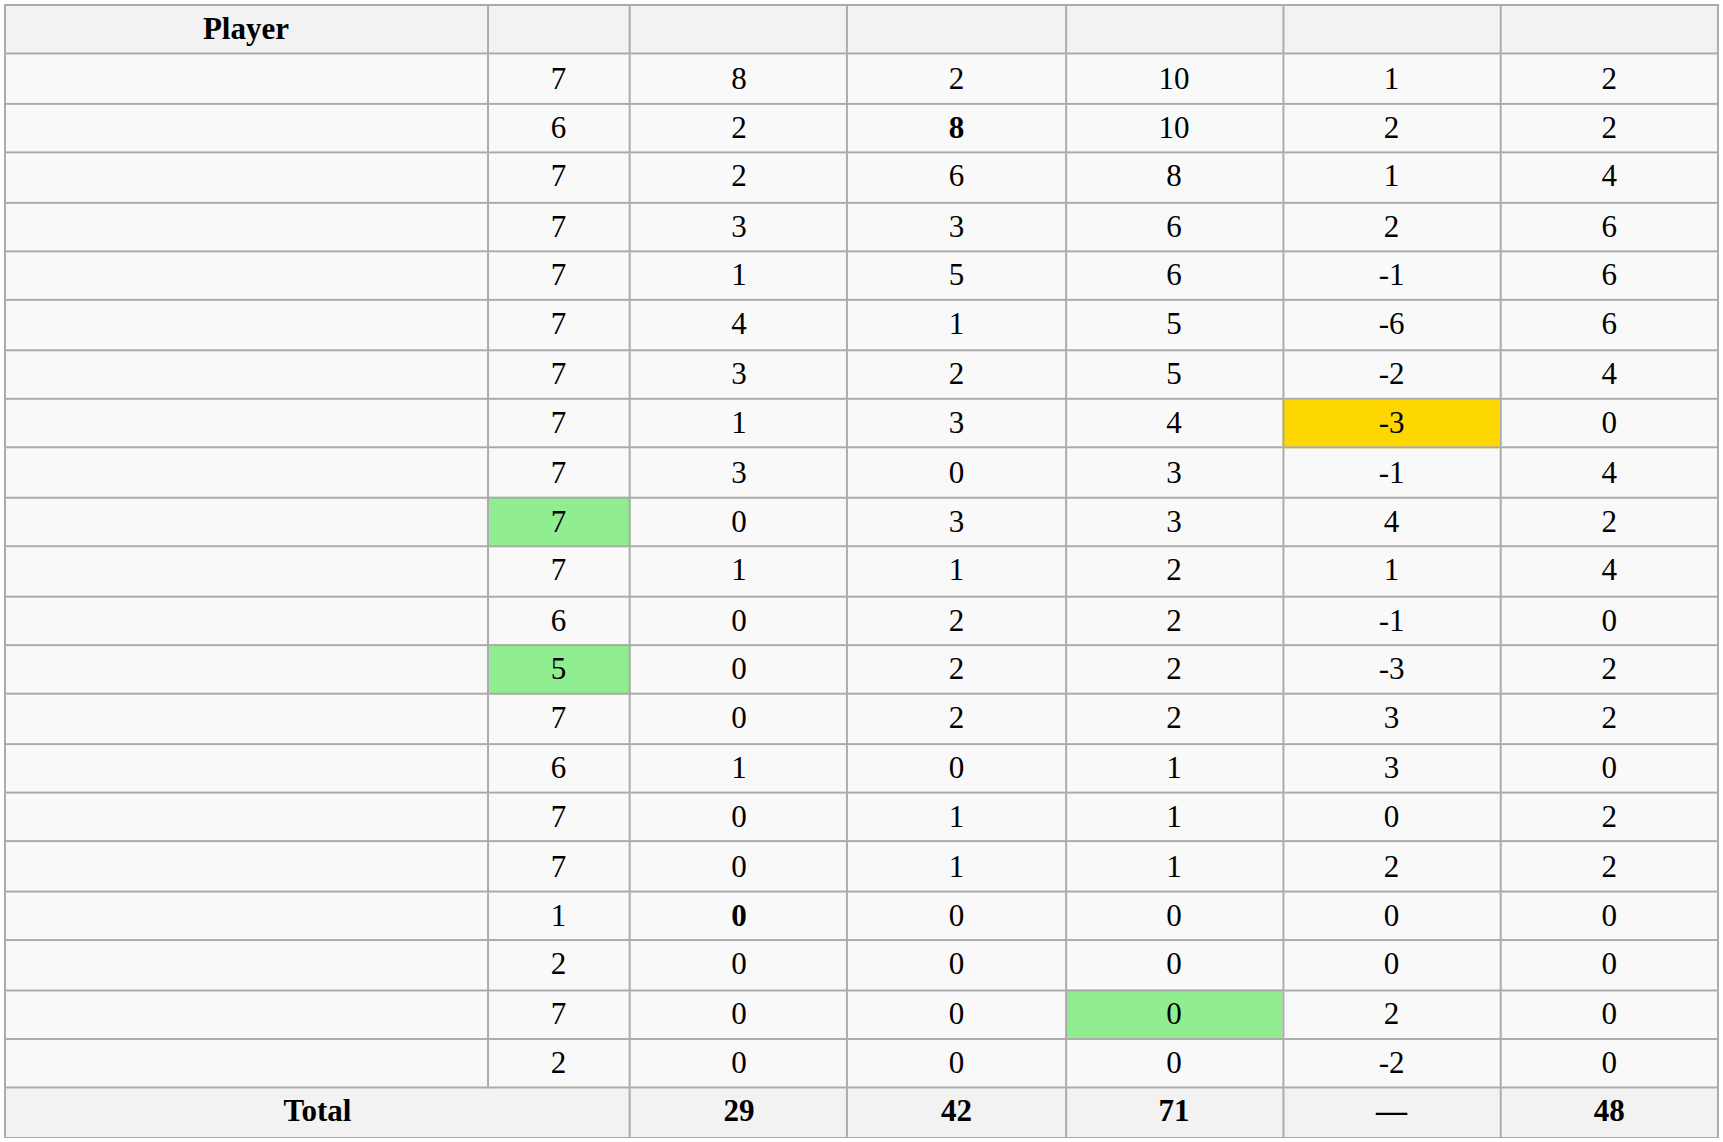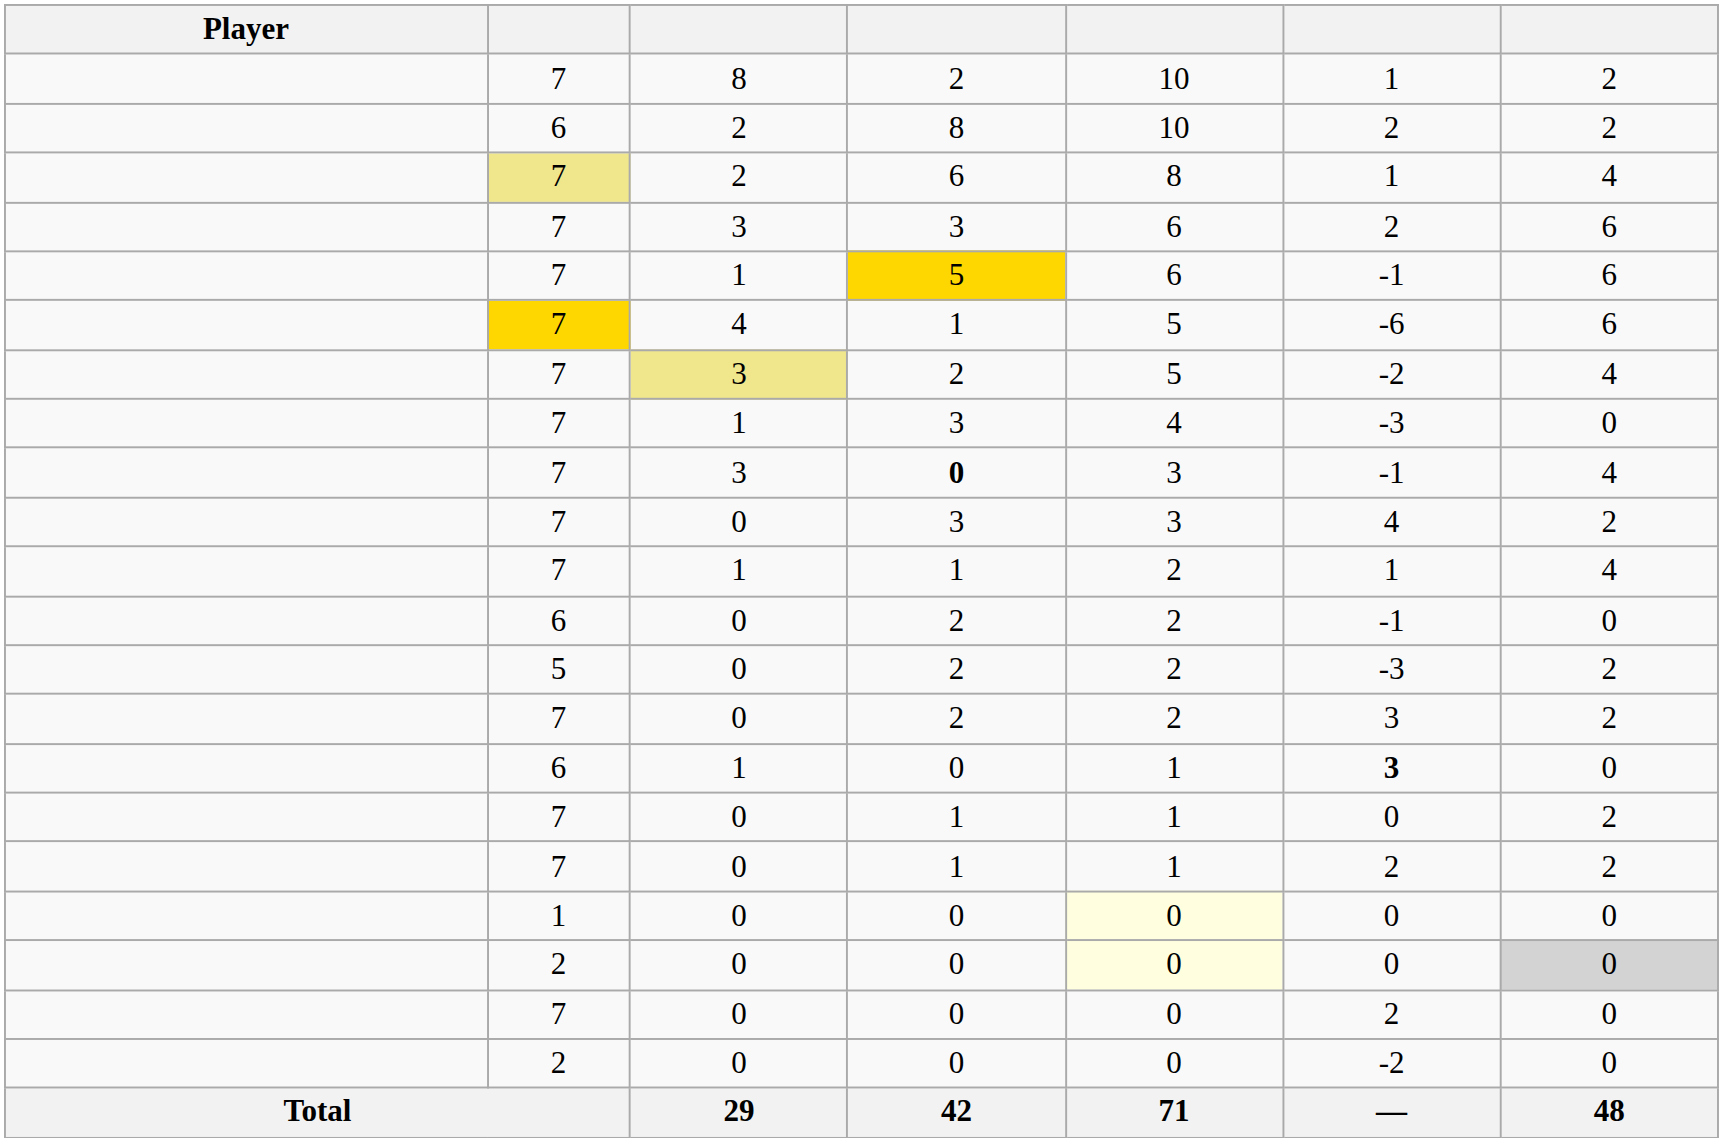 <table class="wikitable sortable" style="width:100%; text-align:center;">
 <tr>
 <th>Player</th>
 <th></th>
 <th></th>
 <th></th>
 <th></th>
 <th data-sort-type="number"></th>
 <th></th>
 </tr>
 <tr>
 <td></td>
 <td>7</td>
 <td>8</td>
 <td>2</td>
 <td>10</td>
 <td>1</td>
 <td>2</td>
 </tr>
 <tr>
 <td></td>
 <td>6</td>
 <td>2</td>
-<td><strong>8</strong></td>
+<td>8</td>
 <td>10</td>
 <td>2</td>
 <td>2</td>
 </tr>
 <tr>
 <td></td>
-<td>7</td>
+<td style="background: khaki;">7</td>
 <td>2</td>
 <td>6</td>
 <td>8</td>
 <td>1</td>
 <td>4</td>
 </tr>
 <tr>
 <td></td>
 <td>7</td>
 <td>3</td>
 <td>3</td>
 <td>6</td>
 <td>2</td>
 <td>6</td>
 </tr>
 <tr>
 <td></td>
 <td>7</td>
 <td>1</td>
-<td>5</td>
+<td style="background: gold;">5</td>
 <td>6</td>
 <td>-1</td>
 <td>6</td>
 </tr>
 <tr>
 <td></td>
-<td>7</td>
+<td style="background: gold;">7</td>
 <td>4</td>
 <td>1</td>
 <td>5</td>
 <td>-6</td>
 <td>6</td>
 </tr>
 <tr>
 <td></td>
 <td>7</td>
-<td>3</td>
+<td style="background: khaki;">3</td>
 <td>2</td>
 <td>5</td>
 <td>-2</td>
 <td>4</td>
 </tr>
 <tr>
 <td></td>
 <td>7</td>
 <td>1</td>
 <td>3</td>
 <td>4</td>
-<td style="background: gold;">-3</td>
+<td>-3</td>
 <td>0</td>
 </tr>
 <tr>
 <td></td>
 <td>7</td>
 <td>3</td>
-<td>0</td>
+<td><strong>0</strong></td>
 <td>3</td>
 <td>-1</td>
 <td>4</td>
 </tr>
 <tr>
 <td></td>
-<td style="background: lightgreen;">7</td>
+<td>7</td>
 <td>0</td>
 <td>3</td>
 <td>3</td>
 <td>4</td>
 <td>2</td>
 </tr>
 <tr>
 <td></td>
 <td>7</td>
 <td>1</td>
 <td>1</td>
 <td>2</td>
 <td>1</td>
 <td>4</td>
 </tr>
 <tr>
 <td></td>
 <td>6</td>
 <td>0</td>
 <td>2</td>
 <td>2</td>
 <td>-1</td>
 <td>0</td>
 </tr>
 <tr>
 <td></td>
-<td style="background: lightgreen;">5</td>
+<td>5</td>
 <td>0</td>
 <td>2</td>
 <td>2</td>
 <td>-3</td>
 <td>2</td>
 </tr>
 <tr>
 <td></td>
 <td>7</td>
 <td>0</td>
 <td>2</td>
 <td>2</td>
 <td>3</td>
 <td>2</td>
 </tr>
 <tr>
 <td></td>
 <td>6</td>
 <td>1</td>
 <td>0</td>
 <td>1</td>
-<td>3</td>
+<td><strong>3</strong></td>
 <td>0</td>
 </tr>
 <tr>
 <td></td>
 <td>7</td>
 <td>0</td>
 <td>1</td>
 <td>1</td>
 <td>0</td>
 <td>2</td>
 </tr>
 <tr>
 <td></td>
 <td>7</td>
 <td>0</td>
 <td>1</td>
 <td>1</td>
 <td>2</td>
 <td>2</td>
 </tr>
 <tr>
 <td></td>
 <td>1</td>
-<td><strong>0</strong></td>
 <td>0</td>
 <td>0</td>
+<td style="background: lightyellow;">0</td>
 <td>0</td>
 <td>0</td>
 </tr>
 <tr>
 <td></td>
 <td>2</td>
 <td>0</td>
 <td>0</td>
+<td style="background: lightyellow;">0</td>
 <td>0</td>
-<td>0</td>
-<td>0</td>
+<td style="background: lightgrey;">0</td>
 </tr>
 <tr>
 <td></td>
 <td>7</td>
 <td>0</td>
 <td>0</td>
-<td style="background: lightgreen;">0</td>
+<td>0</td>
 <td>2</td>
 <td>0</td>
 </tr>
 <tr>
 <td></td>
 <td>2</td>
 <td>0</td>
 <td>0</td>
 <td>0</td>
 <td>-2</td>
 <td>0</td>
 </tr>
 <tr class="sortbottom">
 <th colspan=2>Total</th>
 <th>29</th>
 <th>42</th>
 <th>71</th>
 <th>—</th>
 <th>48</th>
 </tr>
 </table>
